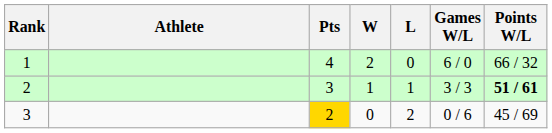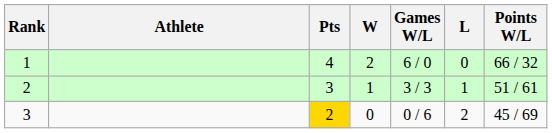 <table class="wikitable" style="text-align: center; font-size:90% ">
 <tr>
 <th width="20">Rank</th>
 <th width="230">Athlete</th>
 <th width="30">Pts</th>
 <th width="30">W</th>
+<th width="40">Games<br>W/L</th>
 <th width="30">L</th>
-<th width="40">Games<br>W/L</th>
 <th width="50">Points<br>W/L</th>
 </tr>
 <tr bgcolor=#ccffcc>
 <td>1</td>
 <td align=left></td>
 <td>4</td>
 <td>2</td>
+<td>6 / 0</td>
 <td>0</td>
-<td>6 / 0</td>
 <td>66 / 32</td>
 </tr>
 <tr bgcolor=#ccffcc>
 <td>2</td>
 <td align=left></td>
 <td>3</td>
 <td>1</td>
+<td>3 / 3</td>
 <td>1</td>
-<td>3 / 3</td>
-<td><strong>51 / 61</strong></td>
+<td>51 / 61</td>
 </tr>
 <tr>
 <td>3</td>
 <td align=left></td>
 <td style="background: gold;">2</td>
 <td>0</td>
+<td>0 / 6</td>
 <td>2</td>
-<td>0 / 6</td>
 <td>45 / 69</td>
 </tr>
 </table>
